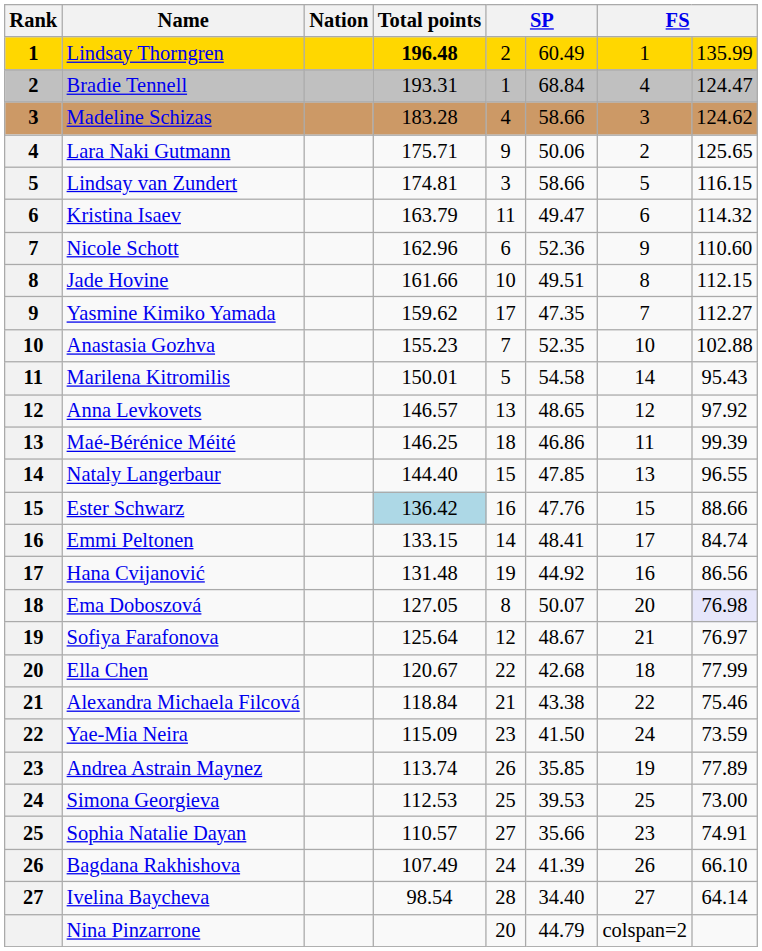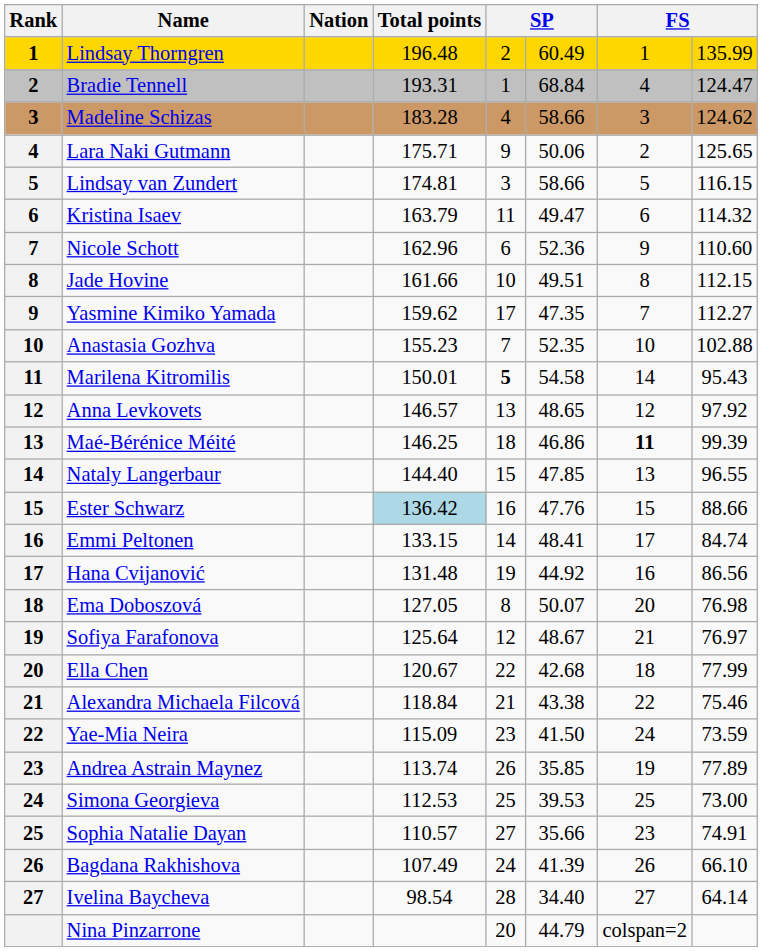 <table class="wikitable sortable">
 <tr>
 <th>Rank</th>
 <th>Name</th>
 <th>Nation</th>
 <th>Total points</th>
 <th colspan="2" width="80px"><a href='#'>SP</a></th>
 <th colspan="2" width="80px"><a href='#'>FS</a></th>
 </tr>
 <tr bgcolor="gold">
 <td align="center"><strong>1</strong></td>
 <td><a href='#'>Lindsay Thorngren</a></td>
 <td></td>
-<td align="center"><strong>196.48</strong></td>
+<td align="center">196.48</td>
 <td align="center">2</td>
 <td align="center">60.49</td>
 <td align="center">1</td>
 <td align="center">135.99</td>
 </tr>
 <tr bgcolor="silver">
 <td align="center"><strong>2</strong></td>
 <td><a href='#'>Bradie Tennell</a></td>
 <td></td>
 <td align="center">193.31</td>
 <td align="center">1</td>
 <td align="center">68.84</td>
 <td align="center">4</td>
 <td align="center">124.47</td>
 </tr>
 <tr bgcolor="cc9966">
 <td align="center"><strong>3</strong></td>
 <td><a href='#'>Madeline Schizas</a></td>
 <td></td>
 <td align="center">183.28</td>
 <td align="center">4</td>
 <td align="center">58.66</td>
 <td align="center">3</td>
 <td align="center">124.62</td>
 </tr>
 <tr>
 <th>4</th>
 <td><a href='#'>Lara Naki Gutmann</a></td>
 <td></td>
 <td align="center">175.71</td>
 <td align="center">9</td>
 <td align="center">50.06</td>
 <td align="center">2</td>
 <td align="center">125.65</td>
 </tr>
 <tr>
 <th>5</th>
 <td><a href='#'>Lindsay van Zundert</a></td>
 <td></td>
 <td align="center">174.81</td>
 <td align="center">3</td>
 <td align="center">58.66</td>
 <td align="center">5</td>
 <td align="center">116.15</td>
 </tr>
 <tr>
 <th>6</th>
 <td><a href='#'>Kristina Isaev</a></td>
 <td></td>
 <td align="center">163.79</td>
 <td align="center">11</td>
 <td align="center">49.47</td>
 <td align="center">6</td>
 <td align="center">114.32</td>
 </tr>
 <tr>
 <th>7</th>
 <td><a href='#'>Nicole Schott</a></td>
 <td></td>
 <td align="center">162.96</td>
 <td align="center">6</td>
 <td align="center">52.36</td>
 <td align="center">9</td>
 <td align="center">110.60</td>
 </tr>
 <tr>
 <th>8</th>
 <td><a href='#'>Jade Hovine</a></td>
 <td></td>
 <td align="center">161.66</td>
 <td align="center">10</td>
 <td align="center">49.51</td>
 <td align="center">8</td>
 <td align="center">112.15</td>
 </tr>
 <tr>
 <th>9</th>
 <td><a href='#'>Yasmine Kimiko Yamada</a></td>
 <td></td>
 <td align="center">159.62</td>
 <td align="center">17</td>
 <td align="center">47.35</td>
 <td align="center">7</td>
 <td align="center">112.27</td>
 </tr>
 <tr>
 <th>10</th>
 <td><a href='#'>Anastasia Gozhva</a></td>
 <td></td>
 <td align="center">155.23</td>
 <td align="center">7</td>
 <td align="center">52.35</td>
 <td align="center">10</td>
 <td align="center">102.88</td>
 </tr>
 <tr>
 <th>11</th>
 <td><a href='#'>Marilena Kitromilis</a></td>
 <td></td>
 <td align="center">150.01</td>
-<td align="center">5</td>
+<td align="center"><strong>5</strong></td>
 <td align="center">54.58</td>
 <td align="center">14</td>
 <td align="center">95.43</td>
 </tr>
 <tr>
 <th>12</th>
 <td><a href='#'>Anna Levkovets</a></td>
 <td></td>
 <td align="center">146.57</td>
 <td align="center">13</td>
 <td align="center">48.65</td>
 <td align="center">12</td>
 <td align="center">97.92</td>
 </tr>
 <tr>
 <th>13</th>
 <td><a href='#'>Maé-Bérénice Méité</a></td>
 <td></td>
 <td align="center">146.25</td>
 <td align="center">18</td>
 <td align="center">46.86</td>
-<td align="center">11</td>
+<td align="center"><strong>11</strong></td>
 <td align="center">99.39</td>
 </tr>
 <tr>
 <th>14</th>
 <td><a href='#'>Nataly Langerbaur</a></td>
 <td></td>
 <td align="center">144.40</td>
 <td align="center">15</td>
 <td align="center">47.85</td>
 <td align="center">13</td>
 <td align="center">96.55</td>
 </tr>
 <tr>
 <th>15</th>
 <td><a href='#'>Ester Schwarz</a></td>
 <td></td>
 <td align="center" style="background: lightblue;">136.42</td>
 <td align="center">16</td>
 <td align="center">47.76</td>
 <td align="center">15</td>
 <td align="center">88.66</td>
 </tr>
 <tr>
 <th>16</th>
 <td><a href='#'>Emmi Peltonen</a></td>
 <td></td>
 <td align="center">133.15</td>
 <td align="center">14</td>
 <td align="center">48.41</td>
 <td align="center">17</td>
 <td align="center">84.74</td>
 </tr>
 <tr>
 <th>17</th>
 <td><a href='#'>Hana Cvijanović</a></td>
 <td></td>
 <td align="center">131.48</td>
 <td align="center">19</td>
 <td align="center">44.92</td>
 <td align="center">16</td>
 <td align="center">86.56</td>
 </tr>
 <tr>
 <th>18</th>
 <td><a href='#'>Ema Doboszová</a></td>
 <td></td>
 <td align="center">127.05</td>
 <td align="center">8</td>
 <td align="center">50.07</td>
 <td align="center">20</td>
-<td align="center" style="background: lavender;">76.98</td>
+<td align="center">76.98</td>
 </tr>
 <tr>
 <th>19</th>
 <td><a href='#'>Sofiya Farafonova</a></td>
 <td></td>
 <td align="center">125.64</td>
 <td align="center">12</td>
 <td align="center">48.67</td>
 <td align="center">21</td>
 <td align="center">76.97</td>
 </tr>
 <tr>
 <th>20</th>
 <td><a href='#'>Ella Chen</a></td>
 <td></td>
 <td align="center">120.67</td>
 <td align="center">22</td>
 <td align="center">42.68</td>
 <td align="center">18</td>
 <td align="center">77.99</td>
 </tr>
 <tr>
 <th>21</th>
 <td><a href='#'>Alexandra Michaela Filcová</a></td>
 <td></td>
 <td align="center">118.84</td>
 <td align="center">21</td>
 <td align="center">43.38</td>
 <td align="center">22</td>
 <td align="center">75.46</td>
 </tr>
 <tr>
 <th>22</th>
 <td><a href='#'>Yae-Mia Neira</a></td>
 <td></td>
 <td align="center">115.09</td>
 <td align="center">23</td>
 <td align="center">41.50</td>
 <td align="center">24</td>
 <td align="center">73.59</td>
 </tr>
 <tr>
 <th>23</th>
 <td><a href='#'>Andrea Astrain Maynez</a></td>
 <td></td>
 <td align="center">113.74</td>
 <td align="center">26</td>
 <td align="center">35.85</td>
 <td align="center">19</td>
 <td align="center">77.89</td>
 </tr>
 <tr>
 <th>24</th>
 <td><a href='#'>Simona Georgieva</a></td>
 <td></td>
 <td align="center">112.53</td>
 <td align="center">25</td>
 <td align="center">39.53</td>
 <td align="center">25</td>
 <td align="center">73.00</td>
 </tr>
 <tr>
 <th>25</th>
 <td><a href='#'>Sophia Natalie Dayan</a></td>
 <td></td>
 <td align="center">110.57</td>
 <td align="center">27</td>
 <td align="center">35.66</td>
 <td align="center">23</td>
 <td align="center">74.91</td>
 </tr>
 <tr>
 <th>26</th>
 <td><a href='#'>Bagdana Rakhishova</a></td>
 <td></td>
 <td align="center">107.49</td>
 <td align="center">24</td>
 <td align="center">41.39</td>
 <td align="center">26</td>
 <td align="center">66.10</td>
 </tr>
 <tr>
 <th>27</th>
 <td><a href='#'>Ivelina Baycheva</a></td>
 <td></td>
 <td align="center">98.54</td>
 <td align="center">28</td>
 <td align="center">34.40</td>
 <td align="center">27</td>
 <td align="center">64.14</td>
 </tr>
 <tr>
 <th></th>
 <td><a href='#'>Nina Pinzarrone</a></td>
 <td></td>
 <td></td>
 <td align="center">20</td>
 <td align="center">44.79</td>
 <td>colspan=2 </td>
 </tr>
 </table>
